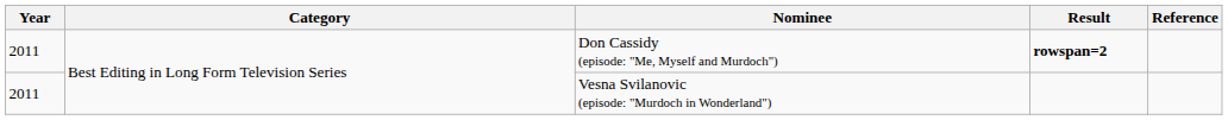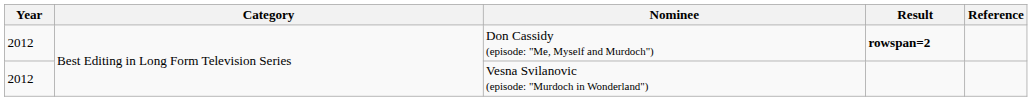 <table class="wikitable">
 <tr>
 <th width=5%>Year</th>
 <th width=45%>Category</th>
 <th width=40%>Nominee</th>
 <th width=10%>Result</th>
 <th width=5%>Reference</th>
 </tr>
 <tr>
-<td>2011</td>
+<td>2012</td>
 <td rowspan=2>Best Editing in Long Form Television Series</td>
 <td>Don Cassidy<br><small>(episode: "Me, Myself and Murdoch")</small></td>
 <td><strong>rowspan=2 </strong></td>
 <td></td>
 </tr>
 <tr>
-<td>2011</td>
+<td>2012</td>
 <td>Vesna Svilanovic<br><small>(episode: "Murdoch in Wonderland")</small></td>
 <td></td>
 </tr>
 </table>
